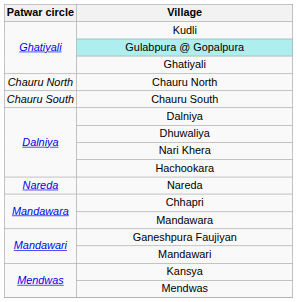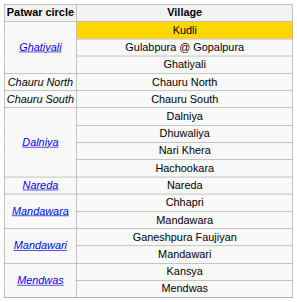 <table class="wikitable">
 <tr style="text-align:center;">
 <th colspan="1"><strong>Patwar circle</strong></th>
 <th style="width:75%;"><strong>Village</strong></th>
 </tr>
 <tr>
 <td rowspan="3" style="text-align:center;"><em><a href='#'>Ghatiyali</a></em></td>
-<td style="text-align:center;">Kudli</td>
+<td style="background: gold; text-align:center;">Kudli</td>
 </tr>
 <tr>
-<td style="background: paleturquoise; text-align:center;">Gulabpura @ Gopalpura</td>
+<td style="text-align:center;">Gulabpura @ Gopalpura</td>
 </tr>
 <tr>
 <td style="text-align:center;">Ghatiyali</td>
 </tr>
 <tr>
 <td rowspan="1" style="text-align:center;"><em>Chauru North</em></td>
 <td style="text-align:center;">Chauru North</td>
 </tr>
 <tr>
 <td rowspan="1" style="text-align:center;"><em>Chauru South</em></td>
 <td style="text-align:center;">Chauru South</td>
 </tr>
 <tr>
 <td rowspan="4" style="text-align:center;"><em><a href='#'>Dalniya</a></em></td>
 <td style="text-align:center;">Dalniya</td>
 </tr>
 <tr>
 <td style="text-align:center;">Dhuwaliya</td>
 </tr>
 <tr>
 <td style="text-align:center;">Nari Khera</td>
 </tr>
 <tr>
 <td style="text-align:center;">Hachookara</td>
 </tr>
 <tr>
 <td rowspan="1" style="text-align:center;"><em><a href='#'>Nareda</a></em></td>
 <td style="text-align:center;">Nareda</td>
 </tr>
 <tr>
 <td rowspan="2" style="text-align:center;"><em><a href='#'>Mandawara</a></em></td>
 <td style="text-align:center;">Chhapri</td>
 </tr>
 <tr>
 <td style="text-align:center;">Mandawara</td>
 </tr>
 <tr>
 <td rowspan="2" style="text-align:center;"><em><a href='#'>Mandawari</a></em></td>
 <td style="text-align:center;">Ganeshpura Faujiyan</td>
 </tr>
 <tr>
 <td style="text-align:center;">Mandawari</td>
 </tr>
 <tr>
 <td rowspan="2" style="text-align:center;"><em><a href='#'>Mendwas</a></em></td>
 <td style="text-align:center;">Kansya</td>
 </tr>
 <tr>
 <td style="text-align:center;">Mendwas</td>
 </tr>
 <tr>
 </tr>
 </table>
